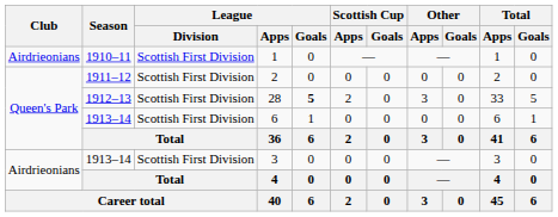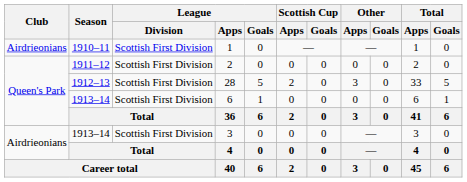 <table class="wikitable" style="text-align: center;">
 <tr>
 <th rowspan="2">Club</th>
 <th rowspan="2">Season</th>
 <th colspan="3">League</th>
 <th colspan="2">Scottish Cup</th>
 <th colspan="2">Other</th>
 <th colspan="2">Total</th>
 </tr>
 <tr>
 <th>Division</th>
 <th>Apps</th>
 <th>Goals</th>
 <th>Apps</th>
 <th>Goals</th>
 <th>Apps</th>
 <th>Goals</th>
 <th>Apps</th>
 <th>Goals</th>
 </tr>
 <tr>
 <td><a href='#'>Airdrieonians</a></td>
 <td><a href='#'>1910–11</a></td>
 <td><a href='#'>Scottish First Division</a></td>
 <td>1</td>
 <td>0</td>
 <td colspan="2">—</td>
 <td colspan="2">—</td>
 <td>1</td>
 <td>0</td>
 </tr>
 <tr>
 <td rowspan="4"><a href='#'>Queen's Park</a></td>
 <td><a href='#'>1911–12</a></td>
 <td>Scottish First Division</td>
 <td>2</td>
 <td>0</td>
 <td>0</td>
 <td>0</td>
 <td>0</td>
 <td>0</td>
 <td>2</td>
 <td>0</td>
 </tr>
 <tr>
 <td><a href='#'>1912–13</a></td>
 <td>Scottish First Division</td>
 <td>28</td>
-<td><strong>5</strong></td>
+<td>5</td>
 <td>2</td>
 <td>0</td>
 <td>3</td>
 <td>0</td>
 <td>33</td>
 <td>5</td>
 </tr>
 <tr>
 <td><a href='#'>1913–14</a></td>
 <td>Scottish First Division</td>
 <td>6</td>
 <td>1</td>
 <td>0</td>
 <td>0</td>
 <td>0</td>
 <td>0</td>
 <td>6</td>
 <td>1</td>
 </tr>
 <tr>
 <th colspan="2">Total</th>
 <th>36</th>
 <th>6</th>
 <th>2</th>
 <th>0</th>
 <th>3</th>
 <th>0</th>
 <th>41</th>
 <th>6</th>
 </tr>
 <tr>
 <td rowspan="2">Airdrieonians</td>
 <td>1913–14</td>
 <td>Scottish First Division</td>
 <td>3</td>
 <td>0</td>
 <td>0</td>
 <td>0</td>
 <td colspan="2">—</td>
 <td>3</td>
 <td>0</td>
 </tr>
 <tr>
 <th colspan="2">Total</th>
 <th>4</th>
 <th>0</th>
 <th>0</th>
 <th>0</th>
 <th colspan="2">—</th>
 <th>4</th>
 <th>0</th>
 </tr>
 <tr>
 <th colspan="3">Career total</th>
 <th>40</th>
 <th>6</th>
 <th>2</th>
 <th>0</th>
 <th>3</th>
 <th>0</th>
 <th>45</th>
 <th>6</th>
 </tr>
 </table>
